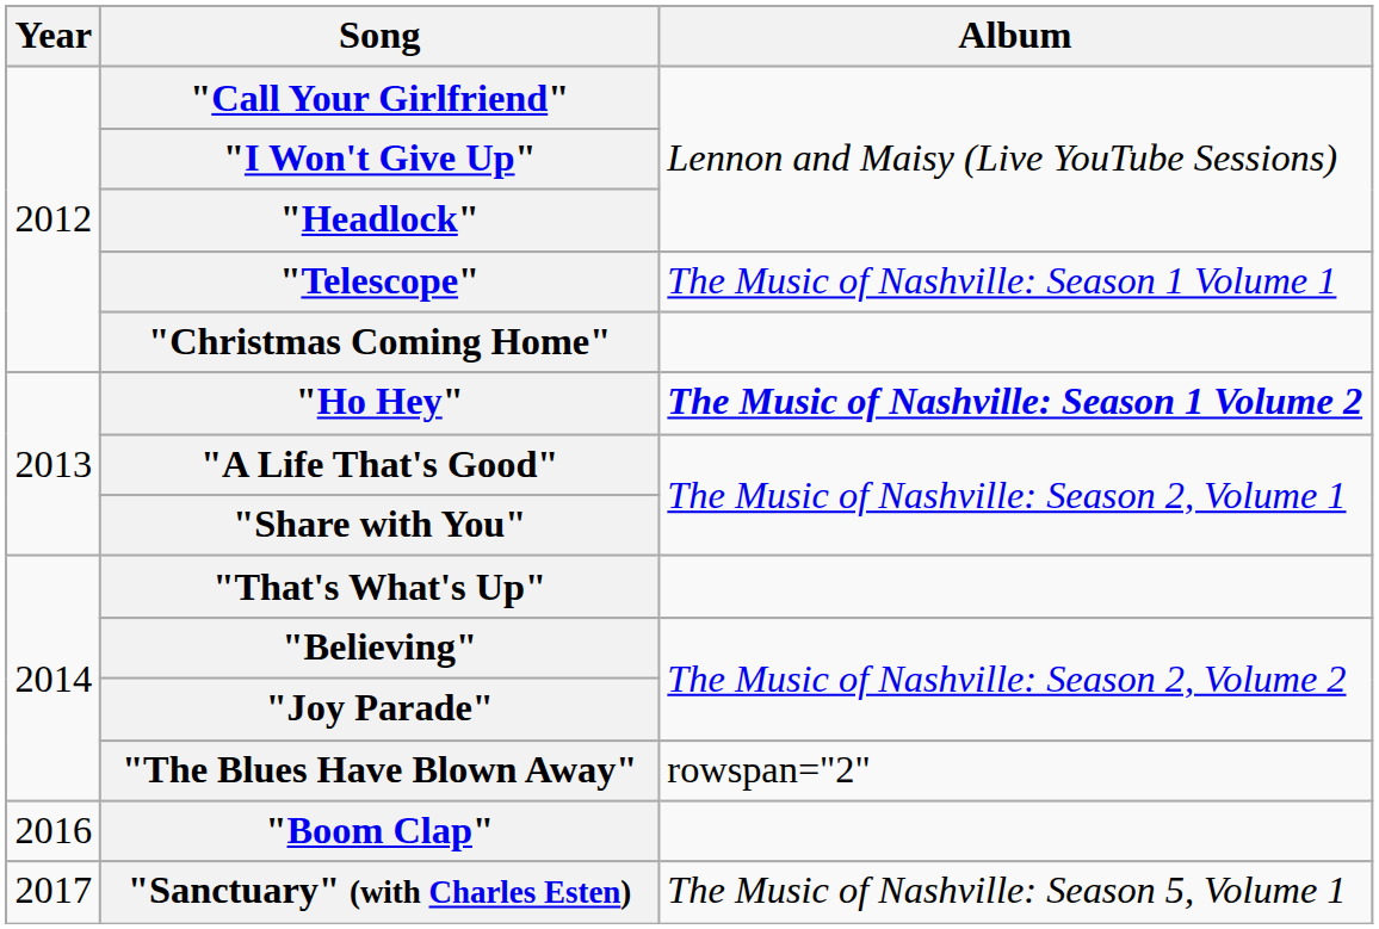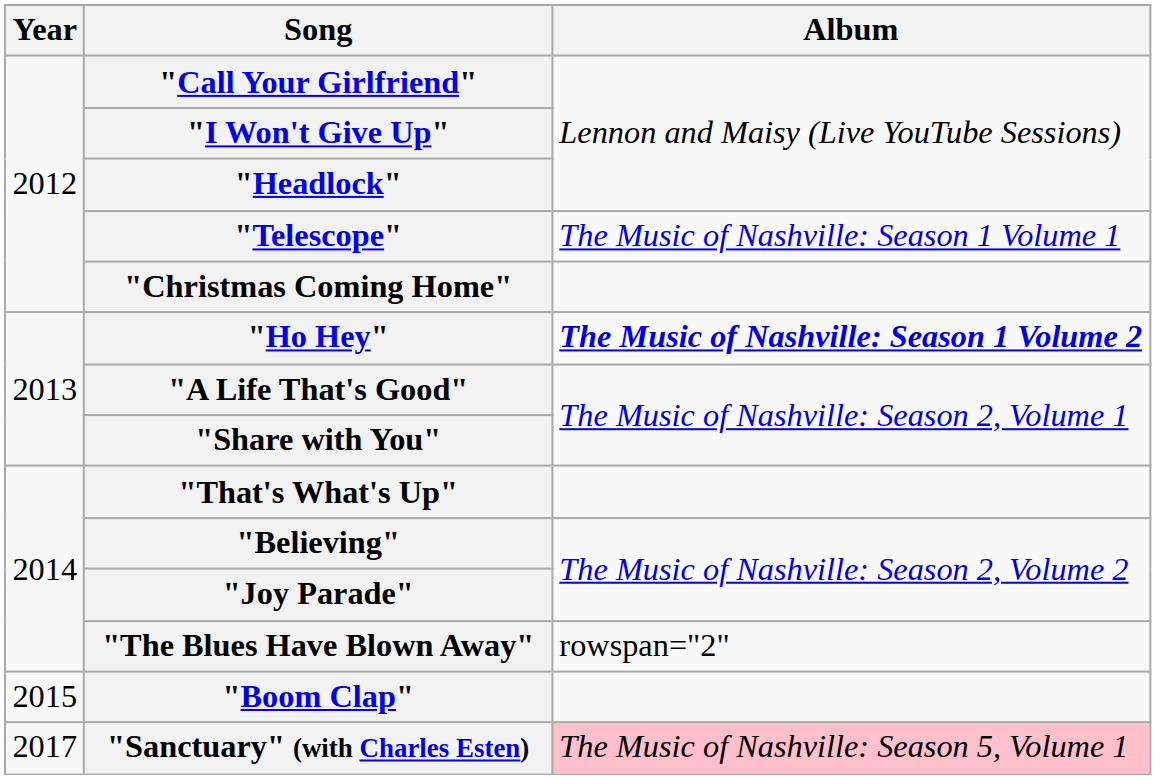 <table class="wikitable plainrowheaders">
 <tr>
 <th>Year</th>
 <th style="width:14em;">Song</th>
 <th>Album</th>
 </tr>
 <tr>
 <td rowspan="5">2012</td>
 <th scope="row">"<a href='#'>Call Your Girlfriend</a>" </th>
 <td rowspan="3"><em>Lennon and Maisy (Live YouTube Sessions)</em></td>
 </tr>
 <tr>
 <th scope="row">"<a href='#'>I Won't Give Up</a>" </th>
 </tr>
 <tr>
 <th scope="row">"<a href='#'>Headlock</a>" </th>
 </tr>
 <tr>
 <th scope="row">"<a href='#'>Telescope</a>"</th>
 <td><em><a href='#'>The Music of Nashville: Season 1 Volume 1</a></em></td>
 </tr>
 <tr>
 <th scope="row">"Christmas Coming Home"</th>
 <td></td>
 </tr>
 <tr>
 <td rowspan="3">2013</td>
 <th scope="row">"<a href='#'>Ho Hey</a>"</th>
 <td><strong><em><a href='#'>The Music of Nashville: Season 1 Volume 2</a></em></strong></td>
 </tr>
 <tr>
 <th scope="row">"A Life That's Good"</th>
 <td rowspan="2"><em><a href='#'>The Music of Nashville: Season 2, Volume 1</a></em></td>
 </tr>
 <tr>
 <th scope="row">"Share with You"</th>
 </tr>
 <tr>
 <td rowspan="4">2014</td>
 <th scope="row">"That's What's Up"</th>
 <td></td>
 </tr>
 <tr>
 <th scope="row">"Believing"</th>
 <td rowspan="2"><em><a href='#'>The Music of Nashville: Season 2, Volume 2</a></em></td>
 </tr>
 <tr>
 <th scope="row">"Joy Parade"</th>
 </tr>
 <tr>
 <th scope="row">"The Blues Have Blown Away"</th>
 <td>rowspan="2" </td>
 </tr>
 <tr>
-<td>2016</td>
+<td>2015</td>
 <th scope="row">"<a href='#'>Boom Clap</a>"</th>
 </tr>
 <tr>
 <td>2017</td>
 <th scope="row">"Sanctuary" <small>(with <a href='#'>Charles Esten</a>)</small></th>
-<td><em>The Music of Nashville: Season 5, Volume 1</em></td>
+<td style="background: pink;"><em>The Music of Nashville: Season 5, Volume 1</em></td>
 </tr>
 </table>
